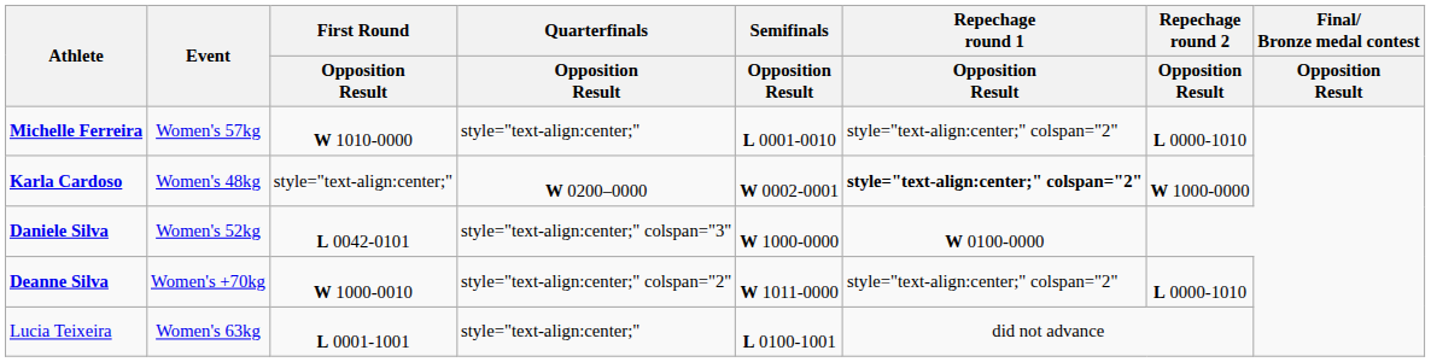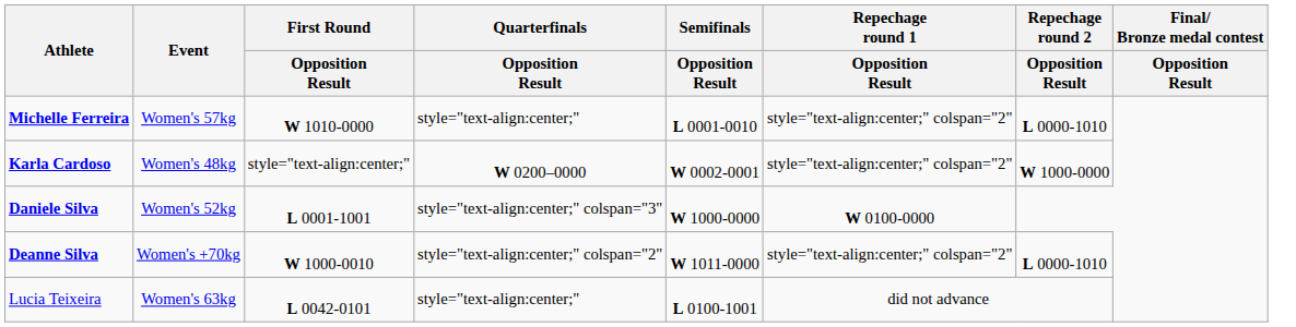 <table class=wikitable style="font-size:90%">
 <tr>
 <th rowspan="2">Athlete</th>
 <th rowspan="2">Event</th>
 <th>First Round</th>
 <th>Quarterfinals</th>
 <th>Semifinals</th>
 <th>Repechage <br>round 1</th>
 <th>Repechage <br>round 2</th>
 <th>Final/<br>Bronze medal contest</th>
 </tr>
 <tr>
 <th>Opposition<br>Result</th>
 <th>Opposition<br>Result</th>
 <th>Opposition<br>Result</th>
 <th>Opposition<br>Result</th>
 <th>Opposition<br>Result</th>
 <th>Opposition<br>Result</th>
 </tr>
 <tr>
 <td><strong><a href='#'>Michelle Ferreira</a></strong></td>
 <td style="text-align:center;"><a href='#'>Women's 57kg</a></td>
 <td style="text-align:center;"><br> <strong>W</strong> 1010-0000</td>
 <td>style="text-align:center;" </td>
 <td style="text-align:center;"><br> <strong>L</strong> 0001-0010</td>
 <td>style="text-align:center;" colspan="2" </td>
 <td style="text-align:center;"><br> <strong>L</strong> 0000-1010 </td>
 </tr>
 <tr>
 <td><strong><a href='#'>Karla Cardoso</a></strong></td>
 <td style="text-align:center;"><a href='#'>Women's 48kg</a></td>
 <td>style="text-align:center;" </td>
 <td style="text-align:center;"><br> <strong>W</strong> 0200–0000</td>
 <td style="text-align:center;"><br> <strong>W</strong> 0002-0001</td>
-<td><strong>style="text-align:center;" colspan="2" </strong></td>
+<td>style="text-align:center;" colspan="2" </td>
 <td style="text-align:center;"><br> <strong>W</strong> 1000-0000 </td>
 </tr>
 <tr>
 <td><strong><a href='#'>Daniele Silva</a></strong></td>
 <td style="text-align:center;"><a href='#'>Women's 52kg</a></td>
-<td style="text-align:center;"><br> <strong>L</strong> 0042-0101</td>
+<td style="text-align:center;"><br> <strong>L</strong> 0001-1001</td>
 <td>style="text-align:center;" colspan="3" </td>
 <td style="text-align:center;"><br> <strong>W</strong> 1000-0000</td>
 <td style="text-align:center;"><br> <strong>W</strong> 0100-0000 </td>
 </tr>
 <tr>
 <td><strong><a href='#'>Deanne Silva</a></strong></td>
 <td style="text-align:center;"><a href='#'>Women's +70kg</a></td>
 <td style="text-align:center;"><br> <strong>W</strong> 1000-0010</td>
 <td>style="text-align:center;" colspan="2" </td>
 <td style="text-align:center;"><br> <strong>W</strong> 1011-0000</td>
 <td>style="text-align:center;" colspan="2" </td>
 <td style="text-align:center;"><br> <strong>L</strong> 0000-1010 </td>
 </tr>
 <tr>
 <td><a href='#'>Lucia Teixeira</a></td>
 <td style="text-align:center;"><a href='#'>Women's 63kg</a></td>
-<td style="text-align:center;"><br> <strong>L</strong> 0001-1001</td>
+<td style="text-align:center;"><br> <strong>L</strong> 0042-0101</td>
 <td>style="text-align:center;" </td>
 <td style="text-align:center;"><br> <strong>L</strong> 0100-1001</td>
 <td style="text-align:center;" colspan="2">did not advance</td>
 </tr>
 </table>
